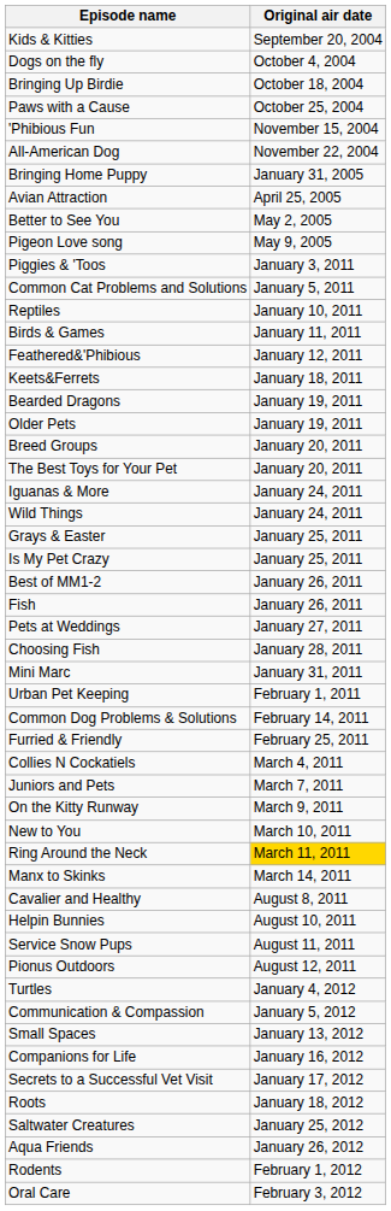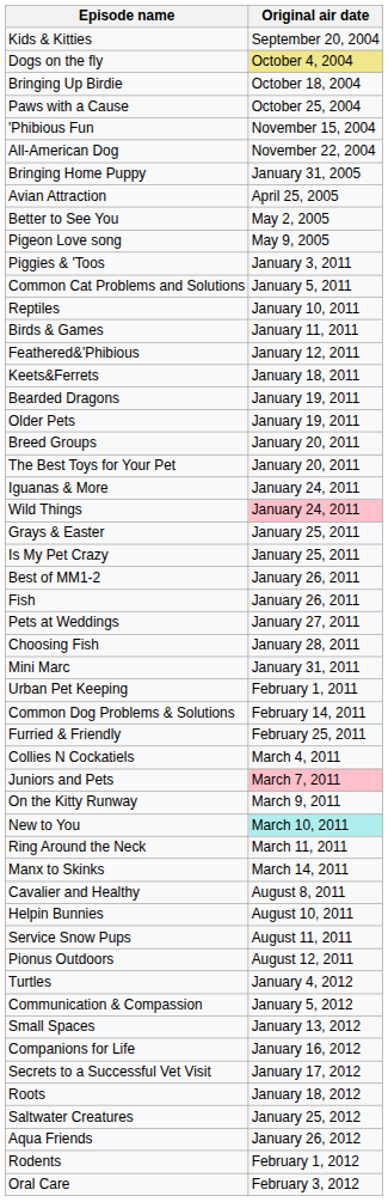 <table class="wikitable">
 <tr>
 <th>Episode name</th>
 <th>Original air date</th>
 </tr>
 <tr>
 <td>Kids & Kitties</td>
 <td>September 20, 2004</td>
 </tr>
 <tr>
 <td>Dogs on the fly</td>
-<td>October 4, 2004</td>
+<td style="background: khaki;">October 4, 2004</td>
 </tr>
 <tr>
 <td>Bringing Up Birdie</td>
 <td>October 18, 2004</td>
 </tr>
 <tr>
 <td>Paws with a Cause</td>
 <td>October 25, 2004</td>
 </tr>
 <tr>
 <td>'Phibious Fun</td>
 <td>November 15, 2004</td>
 </tr>
 <tr>
 <td>All-American Dog</td>
 <td>November 22, 2004</td>
 </tr>
 <tr>
 <td>Bringing Home Puppy</td>
 <td>January 31, 2005</td>
 </tr>
 <tr>
 <td>Avian Attraction</td>
 <td>April 25, 2005</td>
 </tr>
 <tr>
 <td>Better to See You</td>
 <td>May 2, 2005</td>
 </tr>
 <tr>
 <td>Pigeon Love song</td>
 <td>May 9, 2005</td>
 </tr>
 <tr>
 <td>Piggies & 'Toos</td>
 <td>January 3, 2011</td>
 </tr>
 <tr>
 <td>Common Cat Problems and Solutions</td>
 <td>January 5, 2011</td>
 </tr>
 <tr>
 <td>Reptiles</td>
 <td>January 10, 2011</td>
 </tr>
 <tr>
 <td>Birds & Games</td>
 <td>January 11, 2011</td>
 </tr>
 <tr>
 <td>Feathered&'Phibious</td>
 <td>January 12, 2011</td>
 </tr>
 <tr>
 <td>Keets&Ferrets</td>
 <td>January 18, 2011</td>
 </tr>
 <tr>
 <td>Bearded Dragons</td>
 <td>January 19, 2011</td>
 </tr>
 <tr>
 <td>Older Pets</td>
 <td>January 19, 2011</td>
 </tr>
 <tr>
 <td>Breed Groups</td>
 <td>January 20, 2011</td>
 </tr>
 <tr>
 <td>The Best Toys for Your Pet</td>
 <td>January 20, 2011</td>
 </tr>
 <tr>
 <td>Iguanas & More</td>
 <td>January 24, 2011</td>
 </tr>
 <tr>
 <td>Wild Things</td>
-<td>January 24, 2011</td>
+<td style="background: pink;">January 24, 2011</td>
 </tr>
 <tr>
 <td>Grays & Easter</td>
 <td>January 25, 2011</td>
 </tr>
 <tr>
 <td>Is My Pet Crazy</td>
 <td>January 25, 2011</td>
 </tr>
 <tr>
 <td>Best of MM1-2</td>
 <td>January 26, 2011</td>
 </tr>
 <tr>
 <td>Fish</td>
 <td>January 26, 2011</td>
 </tr>
 <tr>
 <td>Pets at Weddings</td>
 <td>January 27, 2011</td>
 </tr>
 <tr>
 <td>Choosing Fish</td>
 <td>January 28, 2011</td>
 </tr>
 <tr>
 <td>Mini Marc</td>
 <td>January 31, 2011</td>
 </tr>
 <tr>
 <td>Urban Pet Keeping</td>
 <td>February 1, 2011</td>
 </tr>
 <tr>
 <td>Common Dog Problems & Solutions</td>
 <td>February 14, 2011</td>
 </tr>
 <tr>
 <td>Furried & Friendly</td>
 <td>February 25, 2011</td>
 </tr>
 <tr>
 <td>Collies N Cockatiels</td>
 <td>March 4, 2011</td>
 </tr>
 <tr>
 <td>Juniors and Pets</td>
-<td>March 7, 2011</td>
+<td style="background: pink;">March 7, 2011</td>
 </tr>
 <tr>
 <td>On the Kitty Runway</td>
 <td>March 9, 2011</td>
 </tr>
 <tr>
 <td>New to You</td>
-<td>March 10, 2011</td>
+<td style="background: paleturquoise;">March 10, 2011</td>
 </tr>
 <tr>
 <td>Ring Around the Neck</td>
-<td style="background: gold;">March 11, 2011</td>
+<td>March 11, 2011</td>
 </tr>
 <tr>
 <td>Manx to Skinks</td>
 <td>March 14, 2011</td>
 </tr>
 <tr>
 <td>Cavalier and Healthy</td>
 <td>August 8, 2011</td>
 </tr>
 <tr>
 <td>Helpin Bunnies</td>
 <td>August 10, 2011</td>
 </tr>
 <tr>
 <td>Service Snow Pups</td>
 <td>August 11, 2011</td>
 </tr>
 <tr>
 <td>Pionus Outdoors</td>
 <td>August 12, 2011</td>
 </tr>
 <tr>
 <td>Turtles</td>
 <td>January 4, 2012</td>
 </tr>
 <tr>
 <td>Communication & Compassion</td>
 <td>January 5, 2012</td>
 </tr>
 <tr>
 <td>Small Spaces</td>
 <td>January 13, 2012</td>
 </tr>
 <tr>
 <td>Companions for Life</td>
 <td>January 16, 2012</td>
 </tr>
 <tr>
 <td>Secrets to a Successful Vet Visit</td>
 <td>January 17, 2012</td>
 </tr>
 <tr>
 <td>Roots</td>
 <td>January 18, 2012</td>
 </tr>
 <tr>
 <td>Saltwater Creatures</td>
 <td>January 25, 2012</td>
 </tr>
 <tr>
 <td>Aqua Friends</td>
 <td>January 26, 2012</td>
 </tr>
 <tr>
 <td>Rodents</td>
 <td>February 1, 2012</td>
 </tr>
 <tr>
 <td>Oral Care</td>
 <td>February 3, 2012</td>
 </tr>
 </table>
